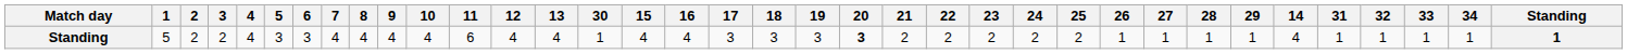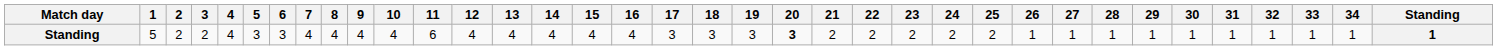 <table class="wikitable" style="width:100%; font-size:85%;">
 <tr valign=top>
 <th align=center>Match day</th>
 <th align=center>1</th>
 <th align=center>2</th>
 <th align=center>3</th>
 <th align=center>4</th>
 <th align=center>5</th>
 <th align=center>6</th>
 <th align=center>7</th>
 <th align=center>8</th>
 <th align=center>9</th>
 <th align=center>10</th>
 <th align=center>11</th>
 <th align=center>12</th>
 <th align=center>13</th>
-<th align=center>30</th>
+<th align=center>14</th>
 <th align=center>15</th>
 <th align=center>16</th>
 <th align=center>17</th>
 <th align=center>18</th>
 <th align=center>19</th>
 <th align=center>20</th>
 <th align=center>21</th>
 <th align=center>22</th>
 <th align=center>23</th>
 <th align=center>24</th>
 <th align=center>25</th>
 <th align=center>26</th>
 <th align=center>27</th>
 <th align=center>28</th>
 <th align=center>29</th>
-<th align=center>14</th>
+<th align=center>30</th>
 <th align=center>31</th>
 <th align=center>32</th>
 <th align=center>33</th>
 <th align=center>34</th>
 <th align=center><strong>Standing</strong></th>
 </tr>
 <tr>
 <th align=center>Standing</th>
 <td align=center>5</td>
 <td align=center>2</td>
 <td align=center>2</td>
 <td align=center>4</td>
 <td align=center>3</td>
 <td align=center>3</td>
 <td align=center>4</td>
 <td align=center>4</td>
 <td align=center>4</td>
 <td align=center>4</td>
 <td align=center>6</td>
 <td align=center>4</td>
 <td align=center>4</td>
-<td align=center>1</td>
+<td align=center>4</td>
 <td align=center>4</td>
 <td align=center>4</td>
 <td align=center>3</td>
 <td align=center>3</td>
 <td align=center>3</td>
 <td align=center><strong>3</strong></td>
 <td align=center>2</td>
 <td align=center>2</td>
 <td align=center>2</td>
 <td align=center>2</td>
 <td align=center>2</td>
 <td align=center>1</td>
 <td align=center>1</td>
 <td align=center>1</td>
 <td align=center>1</td>
-<td align=center>4</td>
+<td align=center>1</td>
 <td align=center>1</td>
 <td align=center>1</td>
 <td align=center>1</td>
 <td align=center>1</td>
 <th align=center><strong>1</strong></th>
 </tr>
 </table>
